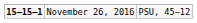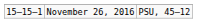 <table class="wikitable">
 <tr align="center">
 </tr>
 <tr align="center">
-<td><strong>15–15–1</strong></td>
+<td>15–15–1</td>
 <td>November 26, 2016</td>
 <td>PSU, 45–12</td>
 </tr>
 </table>
